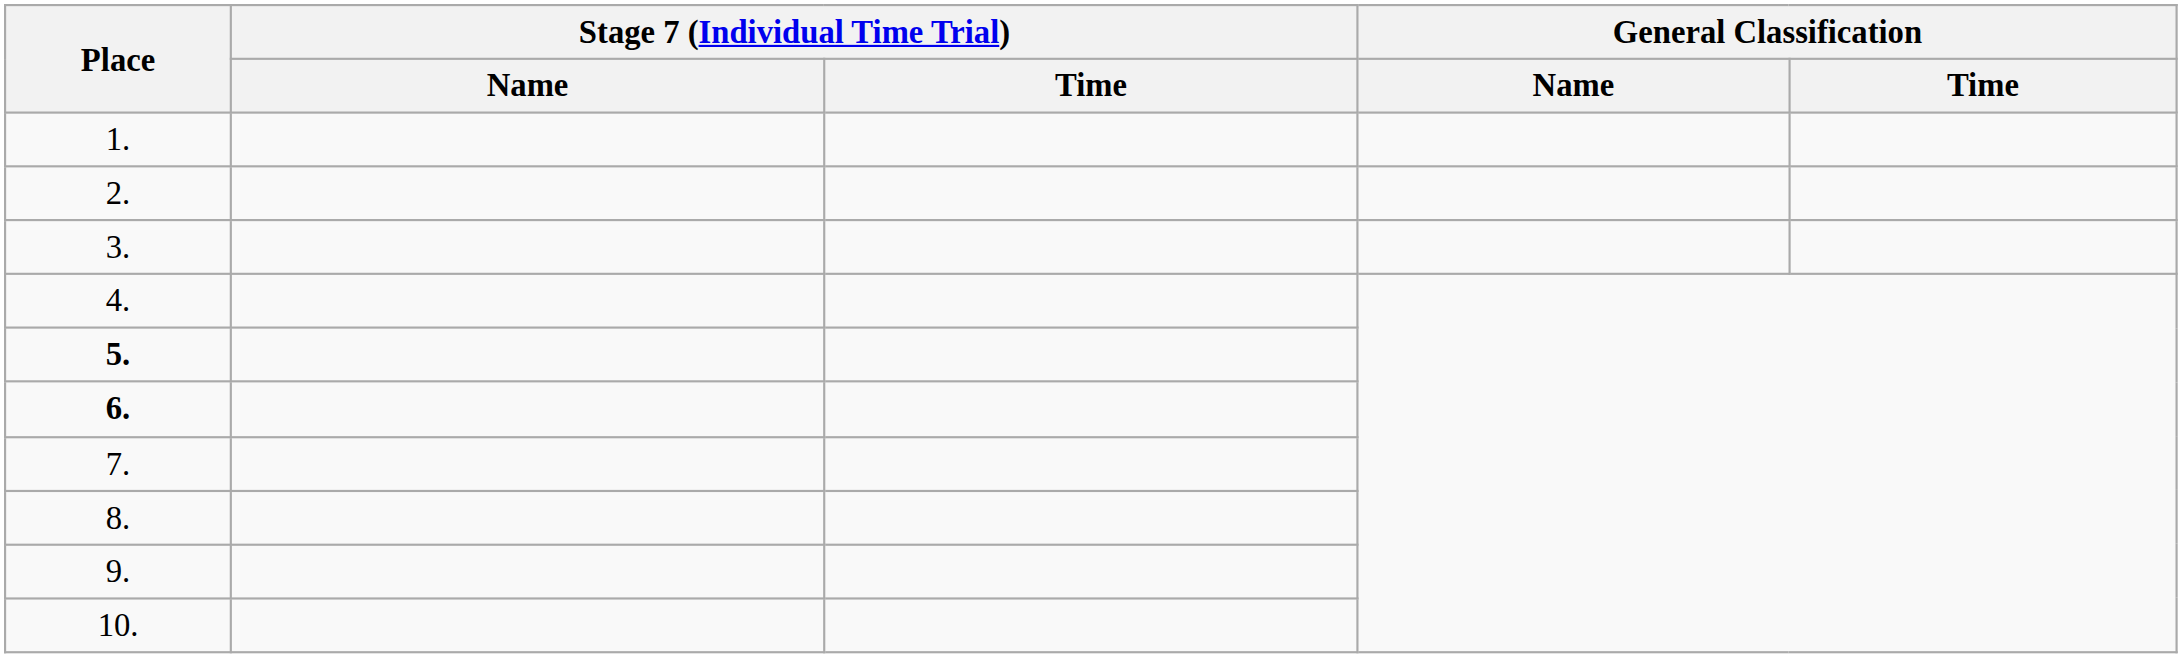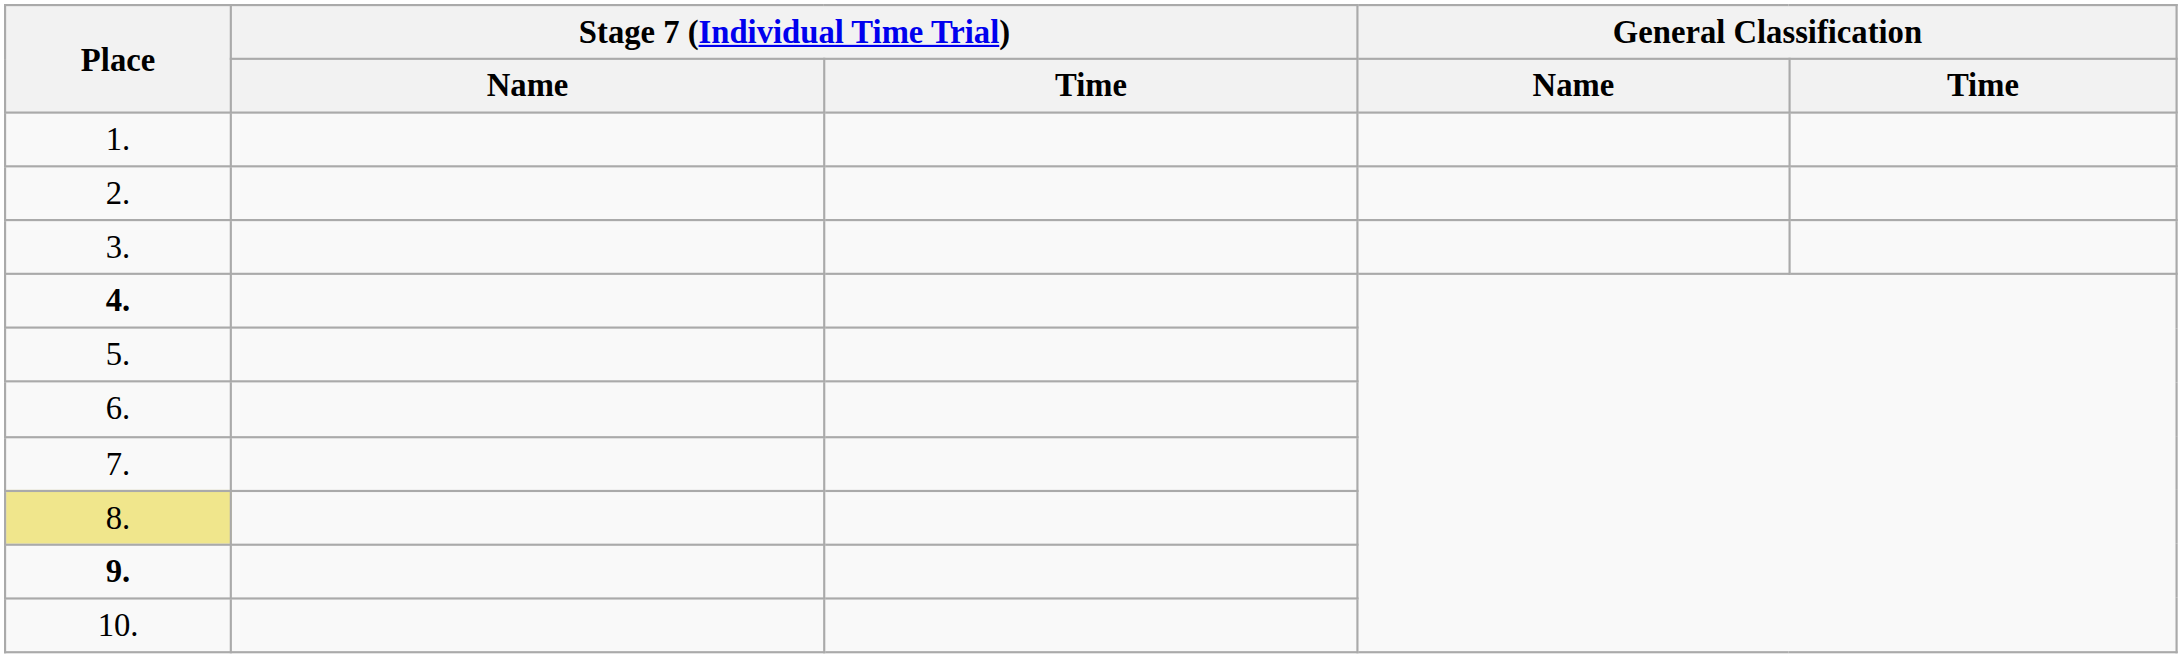 <table class=wikitable style="font-size:95%" width="80%">
 <tr>
 <th rowspan="2">Place</th>
 <th colspan="2">Stage 7 (<a href='#'>Individual Time Trial</a>)</th>
 <th colspan="2">General Classification</th>
 </tr>
 <tr>
 <th>Name</th>
 <th>Time</th>
 <th>Name</th>
 <th>Time</th>
 </tr>
 <tr>
 <td align="center">1.</td>
 <td></td>
 <td></td>
 <td></td>
 <td></td>
 </tr>
 <tr>
 <td align="center">2.</td>
 <td></td>
 <td></td>
 <td></td>
 <td></td>
 </tr>
 <tr>
 <td align="center">3.</td>
 <td></td>
 <td></td>
 <td></td>
 <td></td>
 </tr>
 <tr>
-<td align="center">4.</td>
+<td align="center"><strong>4.</strong></td>
 <td></td>
 <td></td>
 </tr>
 <tr>
-<td align="center"><strong>5.</strong></td>
+<td align="center">5.</td>
 <td></td>
 <td></td>
 </tr>
 <tr>
-<td align="center"><strong>6.</strong></td>
+<td align="center">6.</td>
 <td></td>
 <td></td>
 </tr>
 <tr>
 <td align="center">7.</td>
 <td></td>
 <td></td>
 </tr>
 <tr>
-<td align="center">8.</td>
+<td align="center" style="background: khaki;">8.</td>
 <td></td>
 <td></td>
 </tr>
 <tr>
-<td align="center">9.</td>
+<td align="center"><strong>9.</strong></td>
 <td></td>
 <td></td>
 </tr>
 <tr>
 <td align="center">10.</td>
 <td></td>
 <td></td>
 </tr>
 </table>
